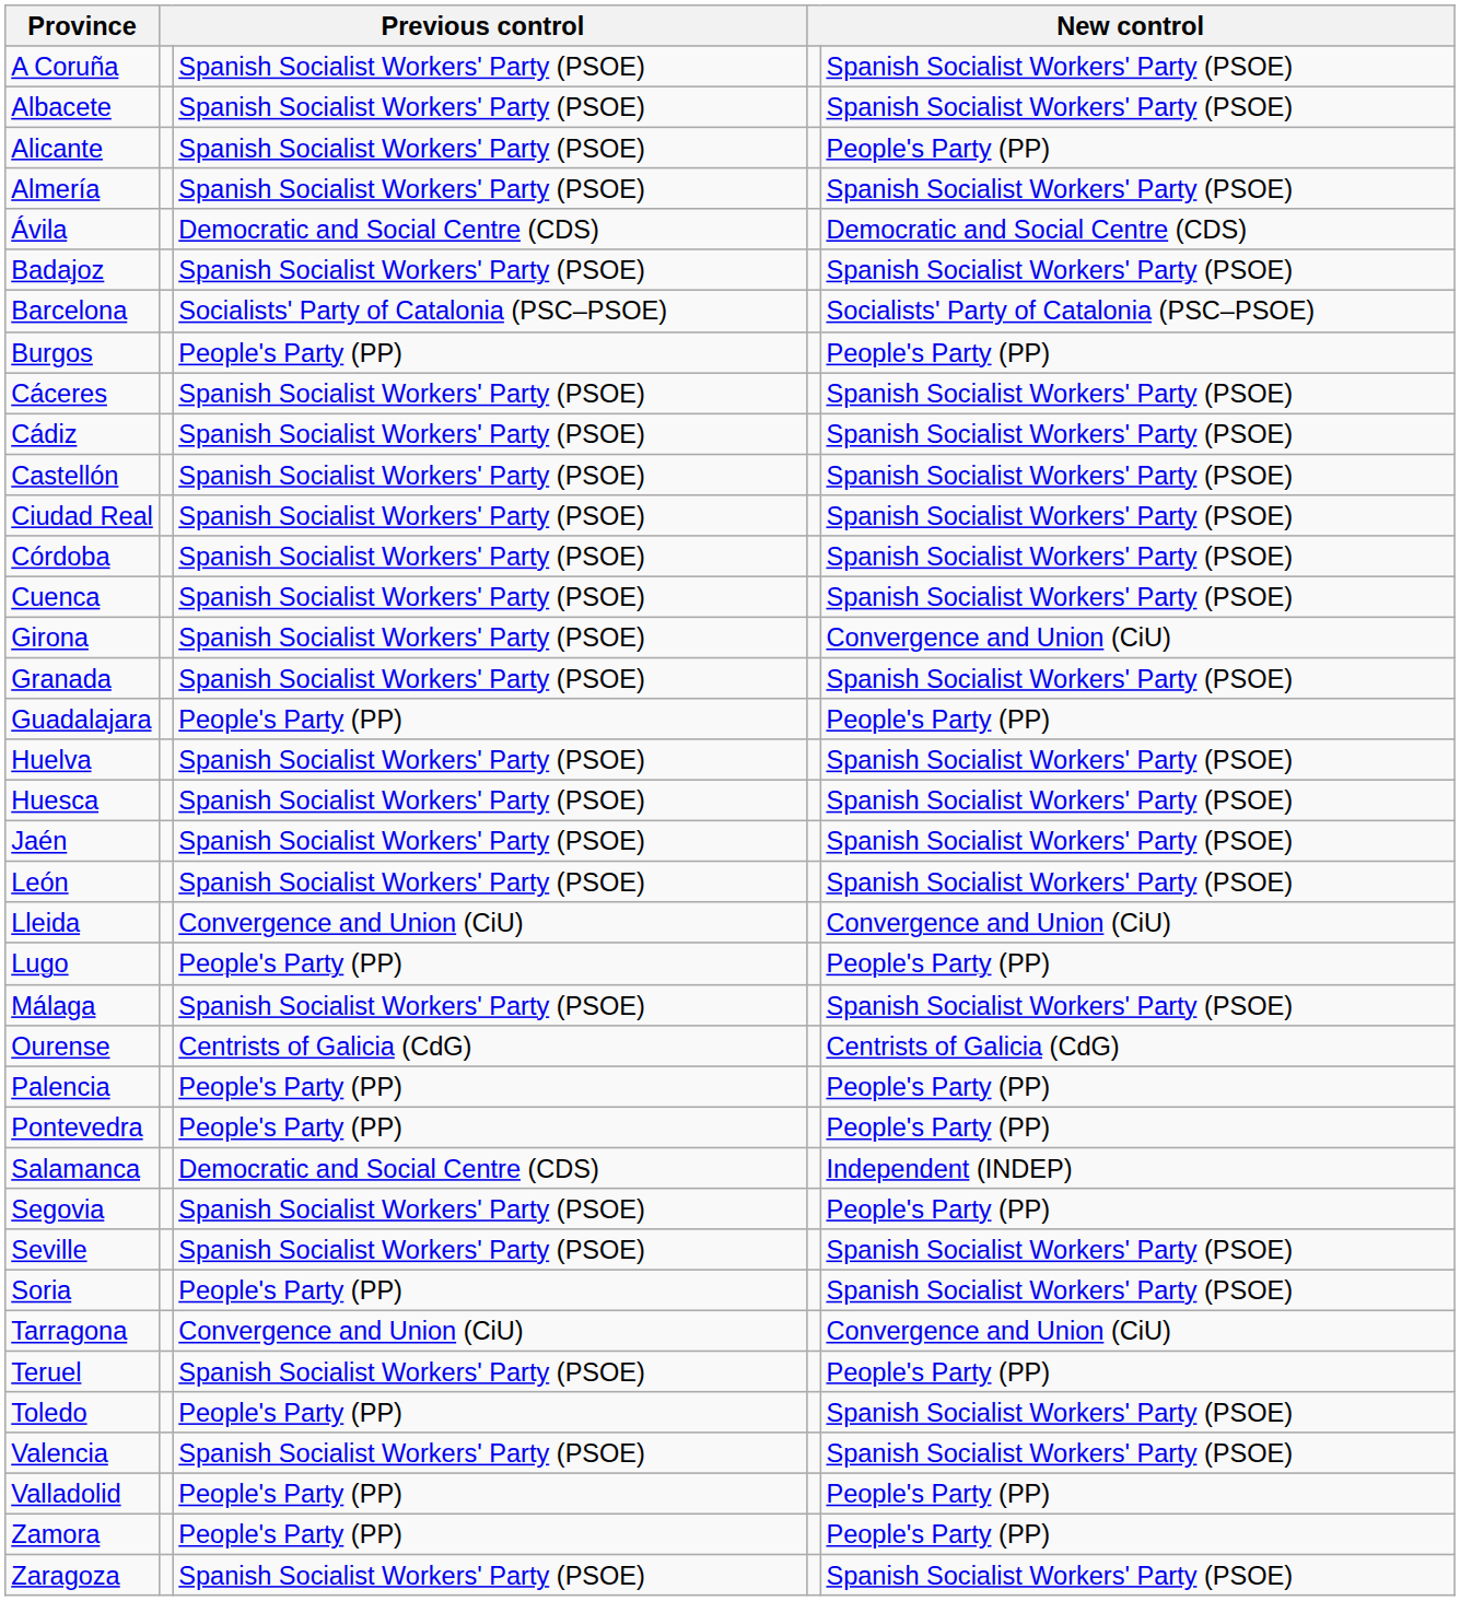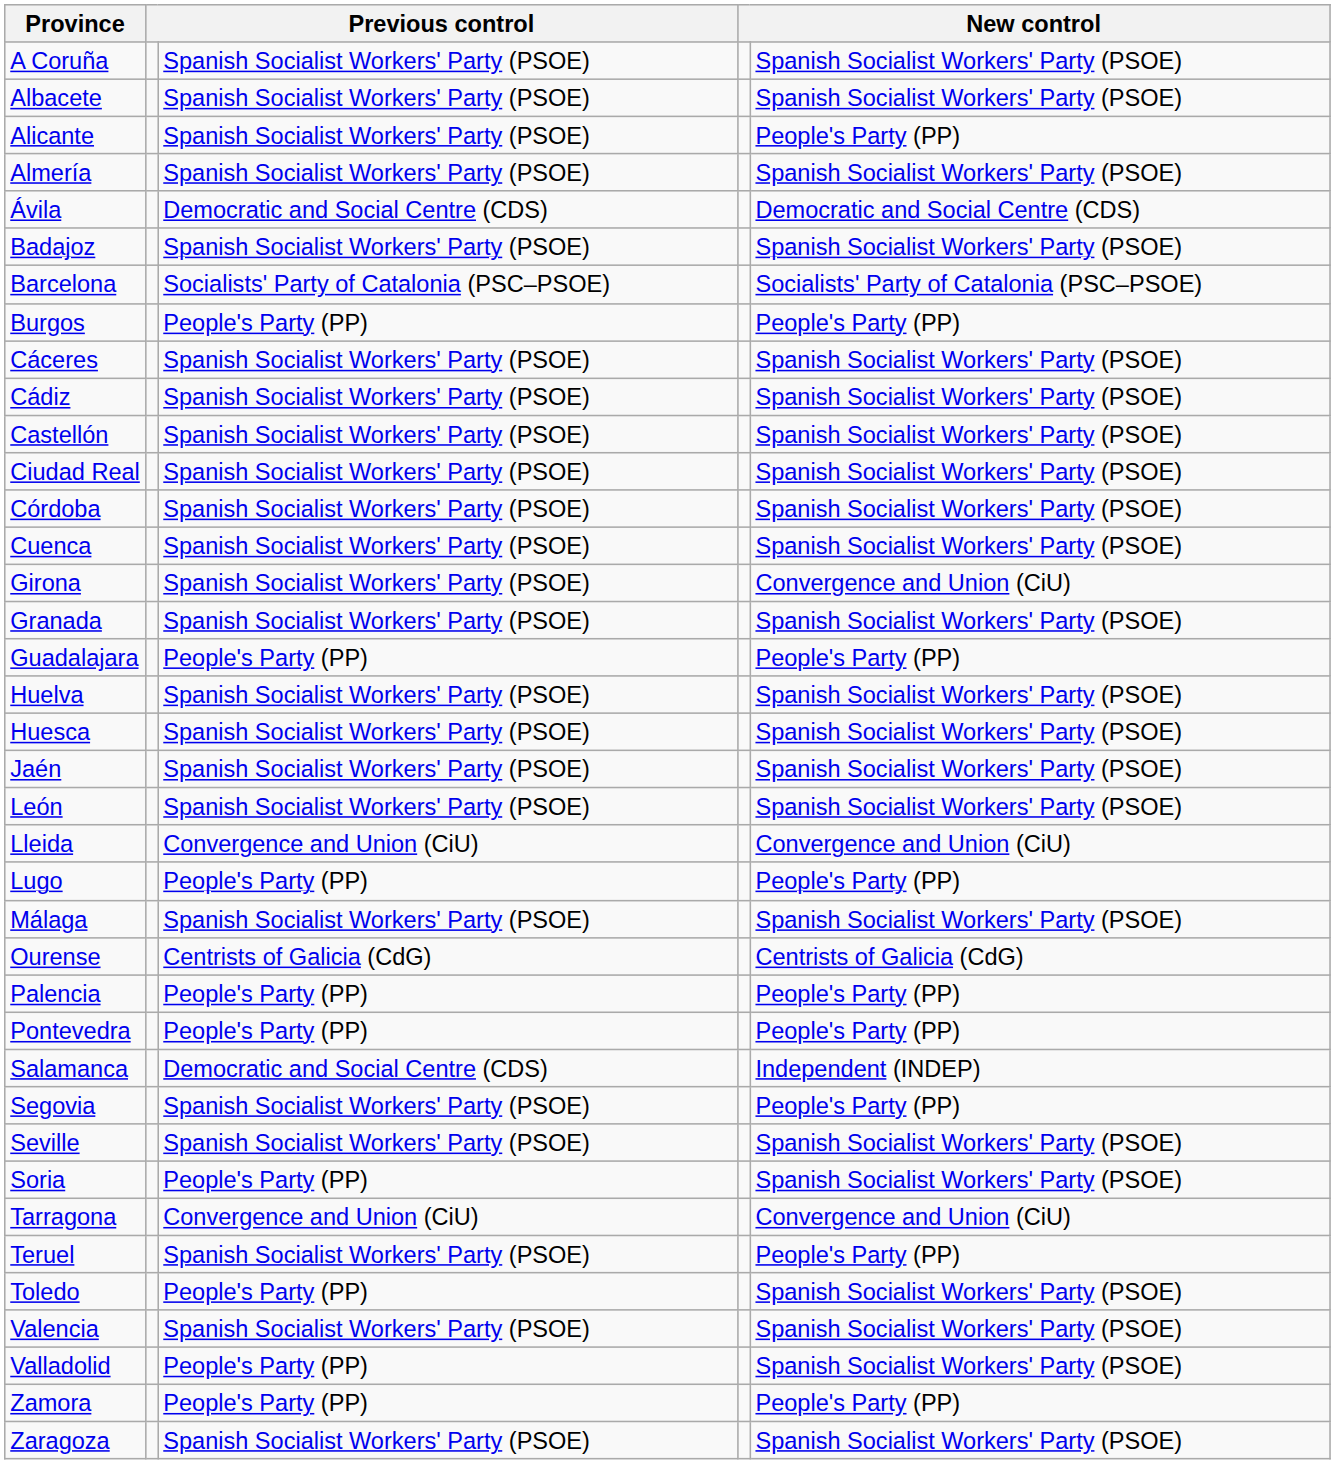 <table class="wikitable sortable" style="font-size:95%;">
 <tr>
 <th>Province</th>
 <th colspan="2" style="width:375px;">Previous control</th>
 <th colspan="2" style="width:375px;">New control</th>
 </tr>
 <tr>
 <td><a href='#'>A Coruña</a></td>
 <td width="1" style="color:inherit;background:"></td>
 <td><a href='#'>Spanish Socialist Workers' Party</a> (PSOE)</td>
 <td width="1" style="color:inherit;background:"></td>
 <td><a href='#'>Spanish Socialist Workers' Party</a> (PSOE)</td>
 </tr>
 <tr>
 <td><a href='#'>Albacete</a></td>
 <td style="color:inherit;background:"></td>
 <td><a href='#'>Spanish Socialist Workers' Party</a> (PSOE)</td>
 <td style="color:inherit;background:"></td>
 <td><a href='#'>Spanish Socialist Workers' Party</a> (PSOE)</td>
 </tr>
 <tr>
 <td><a href='#'>Alicante</a></td>
 <td style="color:inherit;background:"></td>
 <td><a href='#'>Spanish Socialist Workers' Party</a> (PSOE)</td>
 <td style="color:inherit;background:"></td>
 <td><a href='#'>People's Party</a> (PP)</td>
 </tr>
 <tr>
 <td><a href='#'>Almería</a></td>
 <td style="color:inherit;background:"></td>
 <td><a href='#'>Spanish Socialist Workers' Party</a> (PSOE)</td>
 <td width="1" style="color:inherit;background:"></td>
 <td><a href='#'>Spanish Socialist Workers' Party</a> (PSOE)</td>
 </tr>
 <tr>
 <td><a href='#'>Ávila</a></td>
 <td style="color:inherit;background:"></td>
 <td><a href='#'>Democratic and Social Centre</a> (CDS)</td>
 <td style="color:inherit;background:"></td>
 <td><a href='#'>Democratic and Social Centre</a> (CDS) </td>
 </tr>
 <tr>
 <td><a href='#'>Badajoz</a></td>
 <td style="color:inherit;background:"></td>
 <td><a href='#'>Spanish Socialist Workers' Party</a> (PSOE)</td>
 <td style="color:inherit;background:"></td>
 <td><a href='#'>Spanish Socialist Workers' Party</a> (PSOE)</td>
 </tr>
 <tr>
 <td><a href='#'>Barcelona</a></td>
 <td style="color:inherit;background:"></td>
 <td><a href='#'>Socialists' Party of Catalonia</a> (PSC–PSOE)</td>
 <td style="color:inherit;background:"></td>
 <td><a href='#'>Socialists' Party of Catalonia</a> (PSC–PSOE)</td>
 </tr>
 <tr>
 <td><a href='#'>Burgos</a></td>
 <td style="color:inherit;background:"></td>
 <td><a href='#'>People's Party</a> (PP)</td>
 <td style="color:inherit;background:"></td>
 <td><a href='#'>People's Party</a> (PP)</td>
 </tr>
 <tr>
 <td><a href='#'>Cáceres</a></td>
 <td style="color:inherit;background:"></td>
 <td><a href='#'>Spanish Socialist Workers' Party</a> (PSOE)</td>
 <td style="color:inherit;background:"></td>
 <td><a href='#'>Spanish Socialist Workers' Party</a> (PSOE)</td>
 </tr>
 <tr>
 <td><a href='#'>Cádiz</a></td>
 <td style="color:inherit;background:"></td>
 <td><a href='#'>Spanish Socialist Workers' Party</a> (PSOE)</td>
 <td style="color:inherit;background:"></td>
 <td><a href='#'>Spanish Socialist Workers' Party</a> (PSOE)</td>
 </tr>
 <tr>
 <td><a href='#'>Castellón</a></td>
 <td style="color:inherit;background:"></td>
 <td><a href='#'>Spanish Socialist Workers' Party</a> (PSOE)</td>
 <td style="color:inherit;background:"></td>
 <td><a href='#'>Spanish Socialist Workers' Party</a> (PSOE)</td>
 </tr>
 <tr>
 <td><a href='#'>Ciudad Real</a></td>
 <td style="color:inherit;background:"></td>
 <td><a href='#'>Spanish Socialist Workers' Party</a> (PSOE)</td>
 <td style="color:inherit;background:"></td>
 <td><a href='#'>Spanish Socialist Workers' Party</a> (PSOE)</td>
 </tr>
 <tr>
 <td><a href='#'>Córdoba</a></td>
 <td style="color:inherit;background:"></td>
 <td><a href='#'>Spanish Socialist Workers' Party</a> (PSOE)</td>
 <td style="color:inherit;background:"></td>
 <td><a href='#'>Spanish Socialist Workers' Party</a> (PSOE)</td>
 </tr>
 <tr>
 <td><a href='#'>Cuenca</a></td>
 <td style="color:inherit;background:"></td>
 <td><a href='#'>Spanish Socialist Workers' Party</a> (PSOE)</td>
 <td style="color:inherit;background:"></td>
 <td><a href='#'>Spanish Socialist Workers' Party</a> (PSOE)</td>
 </tr>
 <tr>
 <td><a href='#'>Girona</a></td>
 <td style="color:inherit;background:"></td>
 <td><a href='#'>Spanish Socialist Workers' Party</a> (PSOE)</td>
 <td style="color:inherit;background:"></td>
 <td><a href='#'>Convergence and Union</a> (CiU)</td>
 </tr>
 <tr>
 <td><a href='#'>Granada</a></td>
 <td style="color:inherit;background:"></td>
 <td><a href='#'>Spanish Socialist Workers' Party</a> (PSOE)</td>
 <td style="color:inherit;background:"></td>
 <td><a href='#'>Spanish Socialist Workers' Party</a> (PSOE)</td>
 </tr>
 <tr>
 <td><a href='#'>Guadalajara</a></td>
 <td style="color:inherit;background:"></td>
 <td><a href='#'>People's Party</a> (PP)</td>
 <td style="color:inherit;background:"></td>
 <td><a href='#'>People's Party</a> (PP)</td>
 </tr>
 <tr>
 <td><a href='#'>Huelva</a></td>
 <td style="color:inherit;background:"></td>
 <td><a href='#'>Spanish Socialist Workers' Party</a> (PSOE)</td>
 <td style="color:inherit;background:"></td>
 <td><a href='#'>Spanish Socialist Workers' Party</a> (PSOE)</td>
 </tr>
 <tr>
 <td><a href='#'>Huesca</a></td>
 <td style="color:inherit;background:"></td>
 <td><a href='#'>Spanish Socialist Workers' Party</a> (PSOE)</td>
 <td style="color:inherit;background:"></td>
 <td><a href='#'>Spanish Socialist Workers' Party</a> (PSOE)</td>
 </tr>
 <tr>
 <td><a href='#'>Jaén</a></td>
 <td style="color:inherit;background:"></td>
 <td><a href='#'>Spanish Socialist Workers' Party</a> (PSOE)</td>
 <td style="color:inherit;background:"></td>
 <td><a href='#'>Spanish Socialist Workers' Party</a> (PSOE)</td>
 </tr>
 <tr>
 <td><a href='#'>León</a></td>
 <td style="color:inherit;background:"></td>
 <td><a href='#'>Spanish Socialist Workers' Party</a> (PSOE)</td>
 <td style="color:inherit;background:"></td>
 <td><a href='#'>Spanish Socialist Workers' Party</a> (PSOE)</td>
 </tr>
 <tr>
 <td><a href='#'>Lleida</a></td>
 <td style="color:inherit;background:"></td>
 <td><a href='#'>Convergence and Union</a> (CiU)</td>
 <td style="color:inherit;background:"></td>
 <td><a href='#'>Convergence and Union</a> (CiU)</td>
 </tr>
 <tr>
 <td><a href='#'>Lugo</a></td>
 <td style="color:inherit;background:"></td>
 <td><a href='#'>People's Party</a> (PP)</td>
 <td style="color:inherit;background:"></td>
 <td><a href='#'>People's Party</a> (PP)</td>
 </tr>
 <tr>
 <td><a href='#'>Málaga</a></td>
 <td style="color:inherit;background:"></td>
 <td><a href='#'>Spanish Socialist Workers' Party</a> (PSOE)</td>
 <td style="color:inherit;background:"></td>
 <td><a href='#'>Spanish Socialist Workers' Party</a> (PSOE)</td>
 </tr>
 <tr>
 <td><a href='#'>Ourense</a></td>
 <td style="color:inherit;background:"></td>
 <td><a href='#'>Centrists of Galicia</a> (CdG)</td>
 <td style="color:inherit;background:"></td>
 <td><a href='#'>Centrists of Galicia</a> (CdG)</td>
 </tr>
 <tr>
 <td><a href='#'>Palencia</a></td>
 <td style="color:inherit;background:"></td>
 <td><a href='#'>People's Party</a> (PP)</td>
 <td style="color:inherit;background:"></td>
 <td><a href='#'>People's Party</a> (PP)</td>
 </tr>
 <tr>
 <td><a href='#'>Pontevedra</a></td>
 <td style="color:inherit;background:"></td>
 <td><a href='#'>People's Party</a> (PP)</td>
 <td style="color:inherit;background:"></td>
 <td><a href='#'>People's Party</a> (PP)</td>
 </tr>
 <tr>
 <td><a href='#'>Salamanca</a></td>
 <td style="color:inherit;background:"></td>
 <td><a href='#'>Democratic and Social Centre</a> (CDS)</td>
 <td style="color:inherit;background:"></td>
 <td><a href='#'>Independent</a> (INDEP)</td>
 </tr>
 <tr>
 <td><a href='#'>Segovia</a></td>
 <td style="color:inherit;background:"></td>
 <td><a href='#'>Spanish Socialist Workers' Party</a> (PSOE)</td>
 <td style="color:inherit;background:"></td>
 <td><a href='#'>People's Party</a> (PP)</td>
 </tr>
 <tr>
 <td><a href='#'>Seville</a></td>
 <td style="color:inherit;background:"></td>
 <td><a href='#'>Spanish Socialist Workers' Party</a> (PSOE)</td>
 <td style="color:inherit;background:"></td>
 <td><a href='#'>Spanish Socialist Workers' Party</a> (PSOE)</td>
 </tr>
 <tr>
 <td><a href='#'>Soria</a></td>
 <td style="color:inherit;background:"></td>
 <td><a href='#'>People's Party</a> (PP)</td>
 <td style="color:inherit;background:"></td>
 <td><a href='#'>Spanish Socialist Workers' Party</a> (PSOE)</td>
 </tr>
 <tr>
 <td><a href='#'>Tarragona</a></td>
 <td style="color:inherit;background:"></td>
 <td><a href='#'>Convergence and Union</a> (CiU)</td>
 <td style="color:inherit;background:"></td>
 <td><a href='#'>Convergence and Union</a> (CiU)</td>
 </tr>
 <tr>
 <td><a href='#'>Teruel</a></td>
 <td style="color:inherit;background:"></td>
 <td><a href='#'>Spanish Socialist Workers' Party</a> (PSOE)</td>
 <td style="color:inherit;background:"></td>
 <td><a href='#'>People's Party</a> (PP)</td>
 </tr>
 <tr>
 <td><a href='#'>Toledo</a></td>
 <td style="color:inherit;background:"></td>
 <td><a href='#'>People's Party</a> (PP)</td>
 <td style="color:inherit;background:"></td>
 <td><a href='#'>Spanish Socialist Workers' Party</a> (PSOE)</td>
 </tr>
 <tr>
 <td><a href='#'>Valencia</a></td>
 <td style="color:inherit;background:"></td>
 <td><a href='#'>Spanish Socialist Workers' Party</a> (PSOE)</td>
 <td style="color:inherit;background:"></td>
 <td><a href='#'>Spanish Socialist Workers' Party</a> (PSOE)</td>
 </tr>
 <tr>
 <td><a href='#'>Valladolid</a></td>
 <td style="color:inherit;background:"></td>
 <td><a href='#'>People's Party</a> (PP)</td>
 <td style="color:inherit;background:"></td>
-<td><a href='#'>People's Party</a> (PP)</td>
+<td><a href='#'>Spanish Socialist Workers' Party</a> (PSOE) </td>
 </tr>
 <tr>
 <td><a href='#'>Zamora</a></td>
 <td style="color:inherit;background:"></td>
 <td><a href='#'>People's Party</a> (PP)</td>
 <td style="color:inherit;background:"></td>
 <td><a href='#'>People's Party</a> (PP)</td>
 </tr>
 <tr>
 <td><a href='#'>Zaragoza</a></td>
 <td style="color:inherit;background:"></td>
 <td><a href='#'>Spanish Socialist Workers' Party</a> (PSOE)</td>
 <td style="color:inherit;background:"></td>
 <td><a href='#'>Spanish Socialist Workers' Party</a> (PSOE)</td>
 </tr>
 </table>
